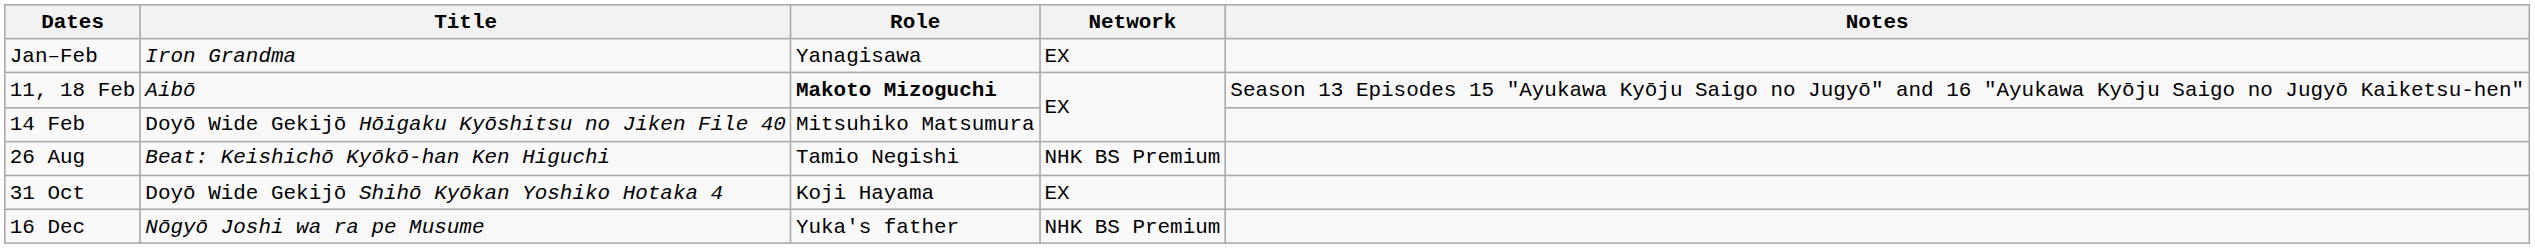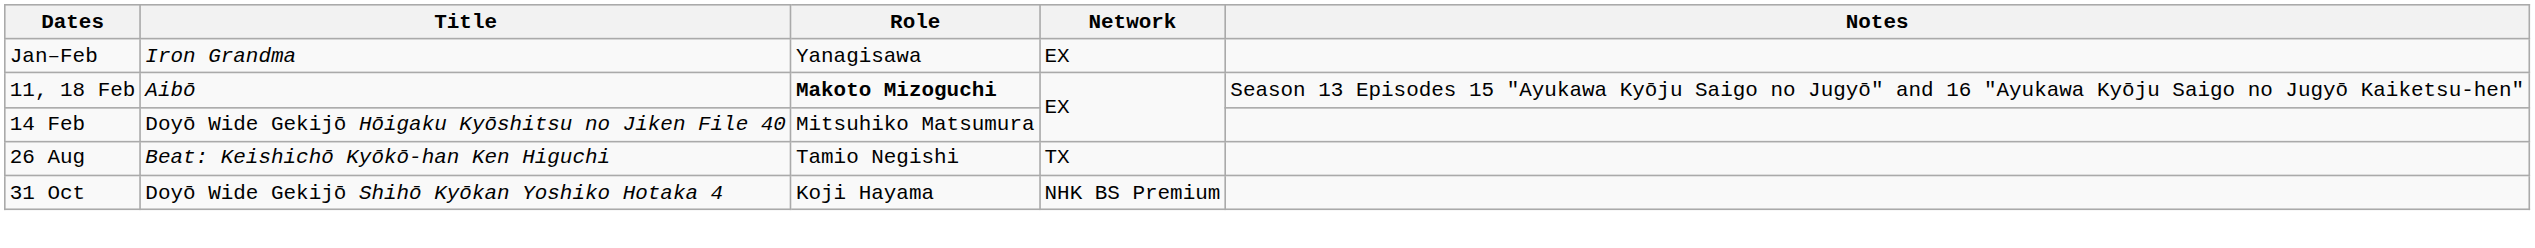 <table class="wikitable">
 <tr>
 <th>Dates</th>
 <th>Title</th>
 <th>Role</th>
 <th>Network</th>
 <th>Notes</th>
 </tr>
 <tr>
 <td>Jan–Feb</td>
 <td><em>Iron Grandma</em></td>
 <td>Yanagisawa</td>
 <td>EX</td>
 <td></td>
 </tr>
 <tr>
 <td>11, 18 Feb</td>
 <td><em>Aibō</em></td>
 <td><strong>Makoto Mizoguchi</strong></td>
 <td rowspan="2'">EX</td>
 <td>Season 13 Episodes 15 "Ayukawa Kyōju Saigo no Jugyō" and 16 "Ayukawa Kyōju Saigo no Jugyō Kaiketsu-hen"</td>
 </tr>
 <tr>
 <td>14 Feb</td>
 <td>Doyō Wide Gekijō <em>Hōigaku Kyōshitsu no Jiken File 40</em></td>
 <td>Mitsuhiko Matsumura</td>
 <td></td>
 </tr>
 <tr>
 <td>26 Aug</td>
 <td><em>Beat: Keishichō Kyōkō-han Ken Higuchi</em></td>
 <td>Tamio Negishi</td>
-<td>NHK BS Premium</td>
+<td>TX</td>
 <td></td>
 </tr>
 <tr>
 <td>31 Oct</td>
 <td>Doyō Wide Gekijō <em>Shihō Kyōkan Yoshiko Hotaka 4</em></td>
 <td>Koji Hayama</td>
-<td>EX</td>
-<td></td>
-</tr>
-<tr>
-<td>16 Dec</td>
-<td><em>Nōgyō Joshi wa ra pe Musume</em></td>
-<td>Yuka's father</td>
 <td>NHK BS Premium</td>
 <td></td>
 </tr>
 </table>
